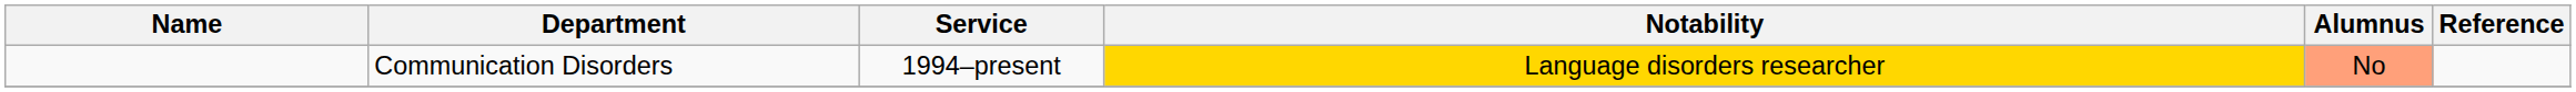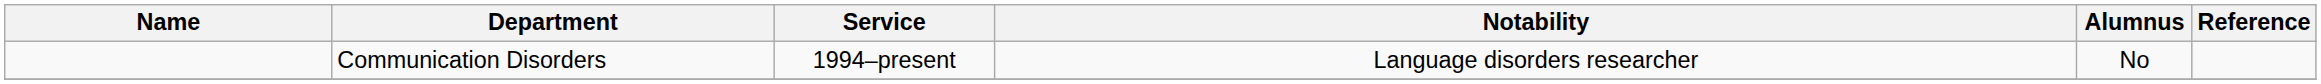 <table class="wikitable sortable" style="width:100%">
 <tr>
 <th style="width:15%;">Name</th>
 <th style="width:20%;">Department</th>
 <th style="width:10%;">Service</th>
 <th style="width:50%;" class="unsortable">Notability</th>
 <th style="width:5%;">Alumnus</th>
 <th style="width:*;" class="unsortable">Reference</th>
 </tr>
 <tr>
 <td></td>
 <td sort>Communication Disorders</td>
 <td style="text-align:center;">1994–present</td>
-<td style="background: gold; text-align:center;">Language disorders researcher</td>
-<td style="background: lightsalmon; text-align:center;">No</td>
+<td style="text-align:center;">Language disorders researcher</td>
+<td style="text-align:center;">No</td>
 <td style="text-align:center;"></td>
 </tr>
 <tr>
 </tr>
 </table>
